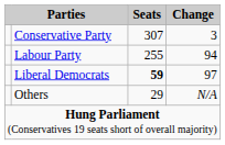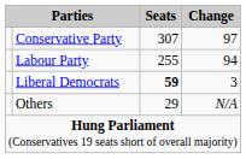 <table class="wikitable">
 <tr style="background:#ccc;">
 <td colspan=2 style="text-align:center; vertical-align:top;"><strong>Parties</strong></td>
 <td style="text-align:center; vertical-align:top;"><strong>Seats</strong></td>
 <td style="text-align:center; vertical-align:top;"><strong>Change</strong></td>
 </tr>
 <tr>
 <td style="color:inherit;background:"></td>
 <td><a href='#'>Conservative Party</a></td>
 <td style="text-align:right;">307</td>
-<td style="text-align:right;"> 3</td>
+<td style="text-align:right;"> 97</td>
 </tr>
 <tr>
 <td style="color:inherit;background:"></td>
 <td><a href='#'>Labour Party</a></td>
 <td style="text-align:right;">255</td>
 <td style="text-align:right;"> 94</td>
 </tr>
 <tr>
 <td style="color:inherit;background:"></td>
 <td><a href='#'>Liberal Democrats</a></td>
 <td style="text-align:right;"><strong>59</strong></td>
-<td style="text-align:right;"> 97</td>
+<td style="text-align:right;"> 3</td>
 </tr>
 <tr>
 <td style="color:inherit;background:"></td>
 <td>Others</td>
 <td style="text-align:right;">29</td>
 <td style="text-align:right;"><em>N/A</em></td>
 </tr>
 <tr style="background">
 <td colspan=4 style="text-align:center; color:"><strong>Hung Parliament</strong> <br> <small>(Conservatives 19 seats short of overall majority)</small></td>
 </tr>
 </table>
